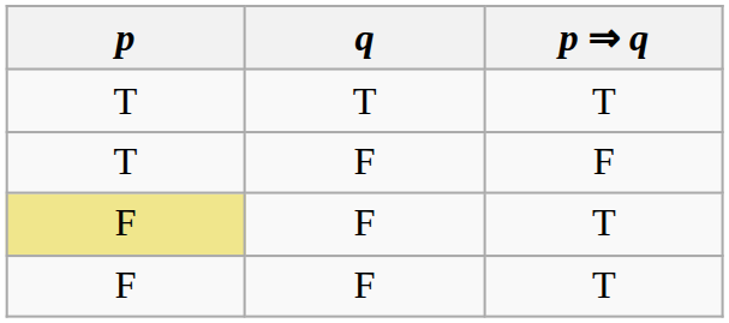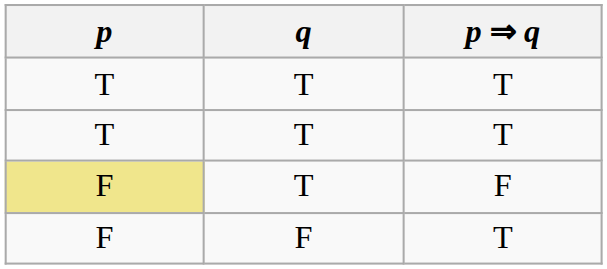 <table class="wikitable" style="margin:1em auto; text-align:center;">
 <tr>
 <th style="width:15%"><em>p</em></th>
 <th style="width:15%"><em>q</em></th>
 <th style="width:15%"><em>p</em> ⇒ <em>q</em></th>
 </tr>
 <tr>
 <td>T</td>
 <td>T</td>
 <td>T</td>
 </tr>
 <tr>
 <td>T</td>
-<td>F</td>
-<td>F</td>
+<td>T</td>
+<td>T</td>
 </tr>
 <tr>
 <td style="background: khaki;">F</td>
+<td>T</td>
 <td>F</td>
-<td>T</td>
 </tr>
 <tr>
 <td>F</td>
 <td>F</td>
 <td>T</td>
 </tr>
 </table>
